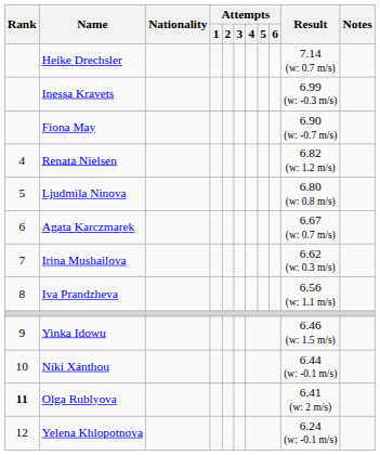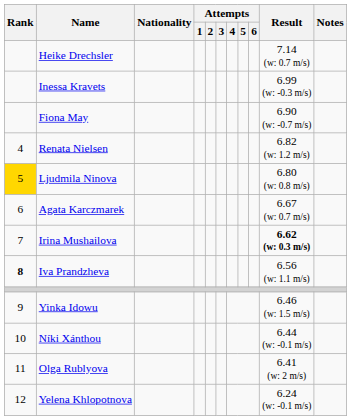 <table class="wikitable sortable" style="text-align:center">
 <tr>
 <th rowspan="2">Rank</th>
 <th rowspan="2">Name</th>
 <th rowspan="2">Nationality</th>
 <th colspan="6">Attempts</th>
 <th rowspan="2">Result</th>
 <th rowspan="2">Notes</th>
 </tr>
 <tr>
 <th>1</th>
 <th>2</th>
 <th>3</th>
 <th>4</th>
 <th>5</th>
 <th>6</th>
 </tr>
 <tr>
 <td></td>
 <td align=left><a href='#'>Heike Drechsler</a></td>
 <td align=left></td>
 <td></td>
 <td></td>
 <td></td>
 <td></td>
 <td></td>
 <td></td>
 <td>7.14<br><small>(w: 0.7 m/s)</small></td>
 <td></td>
 </tr>
 <tr>
 <td></td>
 <td align=left><a href='#'>Inessa Kravets</a></td>
 <td align=left></td>
 <td></td>
 <td></td>
 <td></td>
 <td></td>
 <td></td>
 <td></td>
 <td>6.99<br><small>(w: -0.3 m/s)</small></td>
 <td></td>
 </tr>
 <tr>
 <td></td>
 <td align=left><a href='#'>Fiona May</a></td>
 <td align=left></td>
 <td></td>
 <td></td>
 <td></td>
 <td></td>
 <td></td>
 <td></td>
 <td>6.90<br><small>(w: -0.7 m/s)</small></td>
 <td></td>
 </tr>
 <tr>
 <td>4</td>
 <td align=left><a href='#'>Renata Nielsen</a></td>
 <td align=left></td>
 <td></td>
 <td></td>
 <td></td>
 <td></td>
 <td></td>
 <td></td>
 <td>6.82<br><small>(w: 1.2 m/s)</small></td>
 <td></td>
 </tr>
 <tr>
-<td>5</td>
+<td style="background: gold;">5</td>
 <td align=left><a href='#'>Ljudmila Ninova</a></td>
 <td align=left></td>
 <td></td>
 <td></td>
 <td></td>
 <td></td>
 <td></td>
 <td></td>
 <td>6.80<br><small>(w: 0.8 m/s)</small></td>
 <td></td>
 </tr>
 <tr>
 <td>6</td>
 <td align=left><a href='#'>Agata Karczmarek</a></td>
 <td align=left></td>
 <td></td>
 <td></td>
 <td></td>
 <td></td>
 <td></td>
 <td></td>
 <td>6.67<br><small>(w: 0.7 m/s)</small></td>
 <td></td>
 </tr>
 <tr>
 <td>7</td>
 <td align=left><a href='#'>Irina Mushailova</a></td>
 <td align=left></td>
 <td></td>
 <td></td>
 <td></td>
 <td></td>
 <td></td>
 <td></td>
-<td>6.62<br><small>(w: 0.3 m/s)</small></td>
+<td><strong>6.62<br><small>(w: 0.3 m/s)</small></strong></td>
 <td></td>
 </tr>
 <tr>
-<td>8</td>
+<td><strong>8</strong></td>
 <td align=left><a href='#'>Iva Prandzheva</a></td>
 <td align=left></td>
 <td></td>
 <td></td>
 <td></td>
 <td></td>
 <td></td>
 <td></td>
 <td>6.56<br><small>(w: 1.1 m/s)</small></td>
 <td></td>
 </tr>
 <tr>
 <td colspan=11 bgcolor=lightgray></td>
 </tr>
 <tr>
 <td>9</td>
 <td align=left><a href='#'>Yinka Idowu</a></td>
 <td align=left></td>
 <td></td>
 <td></td>
 <td></td>
 <td colspan="3"></td>
 <td>6.46<br><small>(w: 1.5 m/s)</small></td>
 <td></td>
 </tr>
 <tr>
 <td>10</td>
 <td align=left><a href='#'>Níki Xánthou</a></td>
 <td align=left></td>
 <td></td>
 <td></td>
 <td></td>
 <td colspan="3"></td>
 <td>6.44<br><small>(w: -0.1 m/s)</small></td>
 <td></td>
 </tr>
 <tr>
-<td><strong>11</strong></td>
+<td>11</td>
 <td align=left><a href='#'>Olga Rublyova</a></td>
 <td align=left></td>
 <td></td>
 <td></td>
 <td></td>
 <td colspan="3"></td>
 <td>6.41<br><small>(w: 2 m/s)</small></td>
 <td></td>
 </tr>
 <tr>
 <td>12</td>
 <td align=left><a href='#'>Yelena Khlopotnova</a></td>
 <td align=left></td>
 <td></td>
 <td></td>
 <td></td>
 <td colspan="3"></td>
 <td>6.24<br><small>(w: -0.1 m/s)</small></td>
 <td></td>
 </tr>
 </table>
